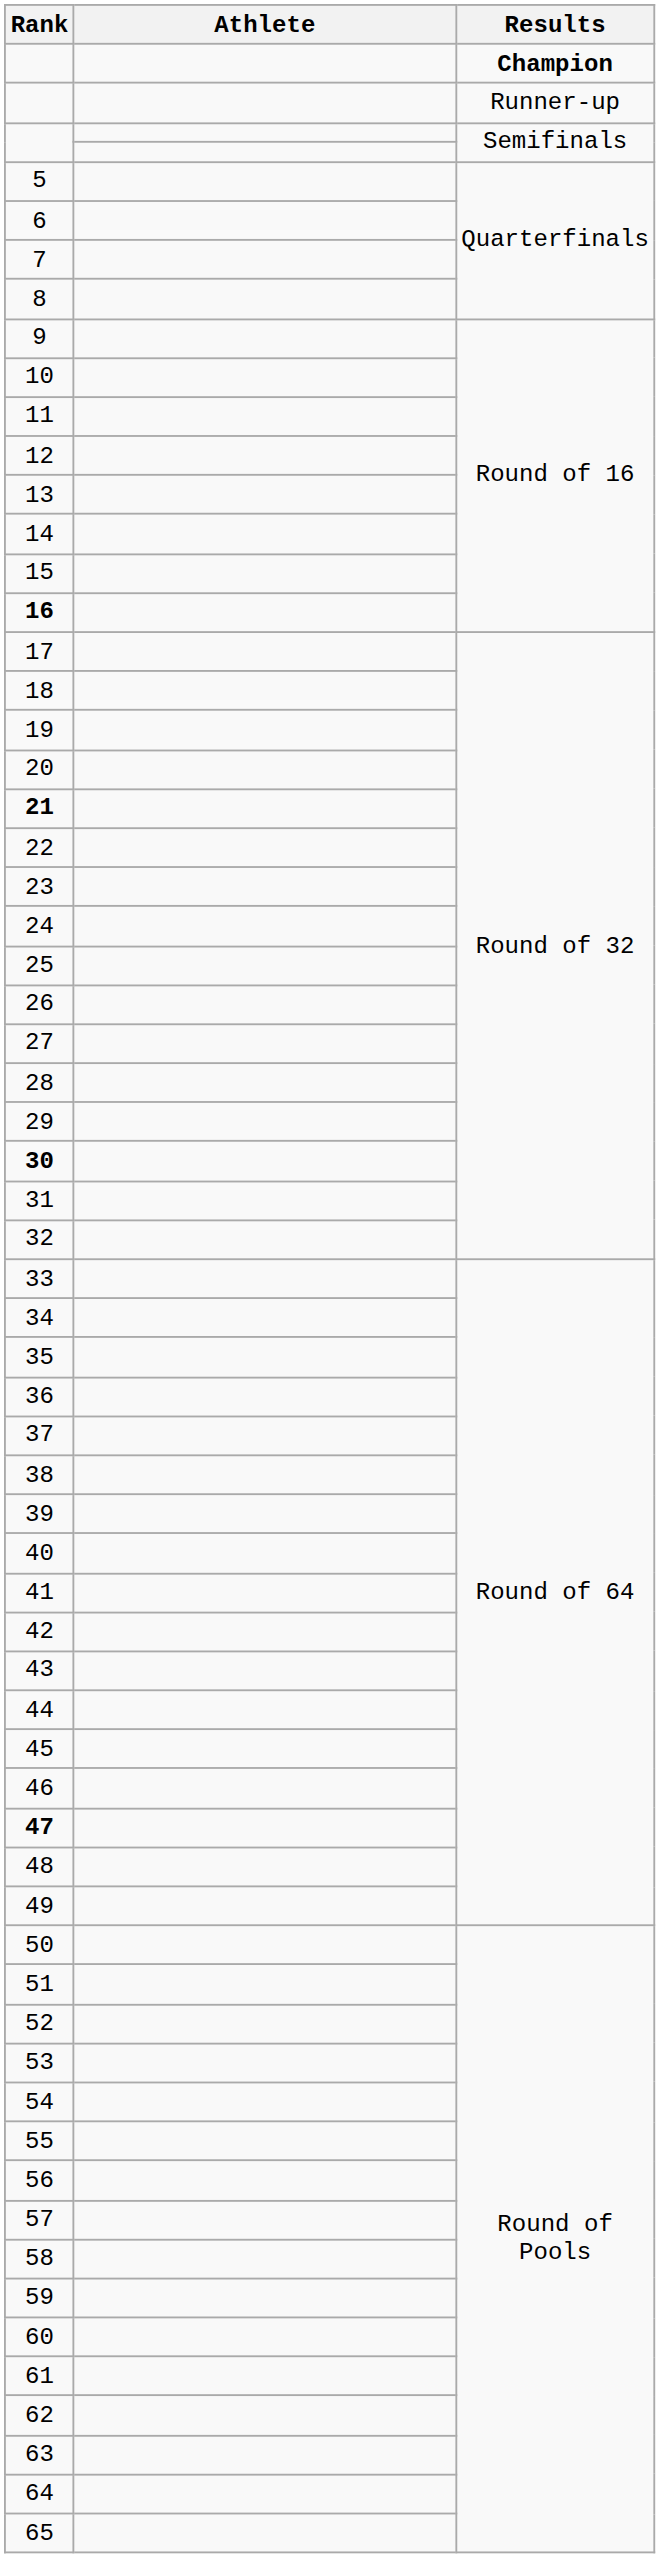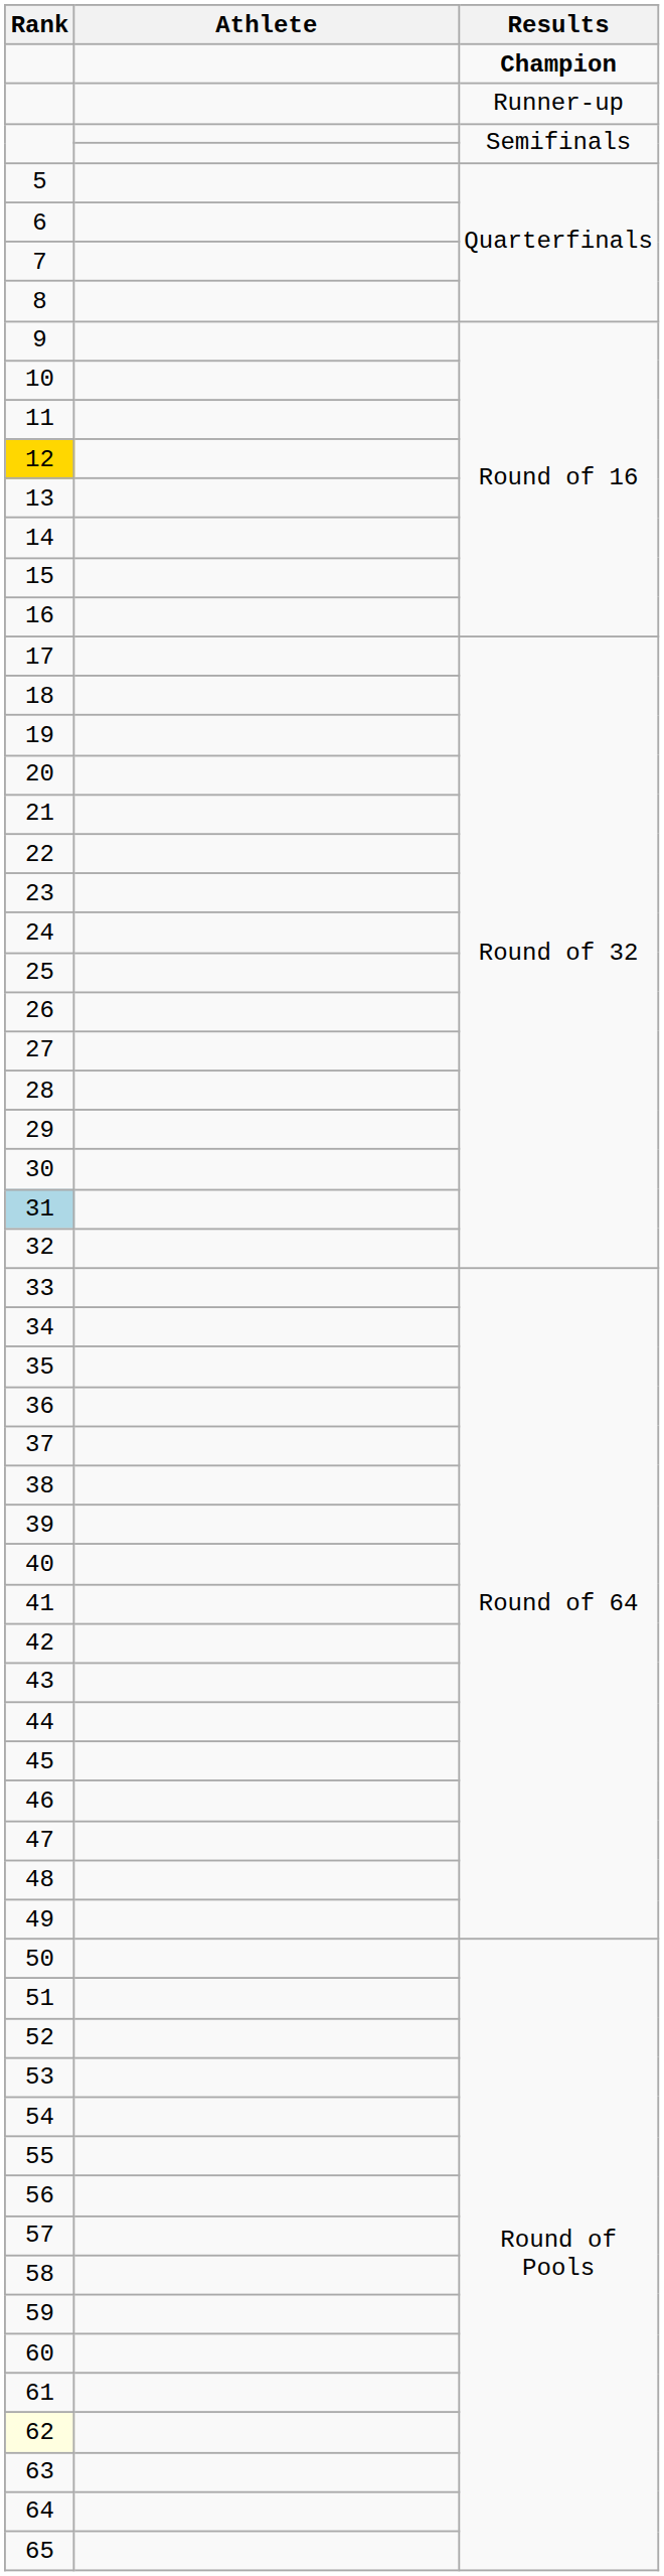 <table class="wikitable" style="text-align:center">
 <tr>
 <th width="25">Rank</th>
 <th width="200">Athlete</th>
 <th width="100">Results</th>
 </tr>
 <tr>
 <td></td>
 <td align="left"><strong></strong></td>
 <td><strong>Champion</strong></td>
 </tr>
 <tr>
 <td></td>
 <td align="left"></td>
 <td>Runner-up</td>
 </tr>
 <tr>
 <td rowspan="2"></td>
 <td align="left"></td>
 <td rowspan="2">Semifinals</td>
 </tr>
 <tr>
 <td align="left"></td>
 </tr>
 <tr>
 <td>5</td>
 <td align="left"></td>
 <td rowspan="4">Quarterfinals</td>
 </tr>
 <tr>
 <td>6</td>
 <td align="left"></td>
 </tr>
 <tr>
 <td>7</td>
 <td align="left"></td>
 </tr>
 <tr>
 <td>8</td>
 <td align="left"></td>
 </tr>
 <tr>
 <td>9</td>
 <td align="left"></td>
 <td rowspan="8">Round of 16</td>
 </tr>
 <tr>
 <td>10</td>
 <td align="left"></td>
 </tr>
 <tr>
 <td>11</td>
 <td align="left"></td>
 </tr>
 <tr>
-<td>12</td>
+<td style="background: gold;">12</td>
 <td align="left"></td>
 </tr>
 <tr>
 <td>13</td>
 <td align="left"></td>
 </tr>
 <tr>
 <td>14</td>
 <td align="left"></td>
 </tr>
 <tr>
 <td>15</td>
 <td align="left"></td>
 </tr>
 <tr>
-<td><strong>16</strong></td>
+<td>16</td>
 <td align="left"></td>
 </tr>
 <tr>
 <td>17</td>
 <td align="left"></td>
 <td rowspan="16">Round of 32</td>
 </tr>
 <tr>
 <td>18</td>
 <td align="left"></td>
 </tr>
 <tr>
 <td>19</td>
 <td align="left"></td>
 </tr>
 <tr>
 <td>20</td>
 <td align="left"></td>
 </tr>
 <tr>
-<td><strong>21</strong></td>
+<td>21</td>
 <td align="left"></td>
 </tr>
 <tr>
 <td>22</td>
 <td align="left"></td>
 </tr>
 <tr>
 <td>23</td>
 <td align="left"></td>
 </tr>
 <tr>
 <td>24</td>
 <td align="left"></td>
 </tr>
 <tr>
 <td>25</td>
 <td align="left"></td>
 </tr>
 <tr>
 <td>26</td>
 <td align="left"></td>
 </tr>
 <tr>
 <td>27</td>
 <td align="left"></td>
 </tr>
 <tr>
 <td>28</td>
 <td align="left"></td>
 </tr>
 <tr>
 <td>29</td>
 <td align="left"></td>
 </tr>
 <tr>
-<td><strong>30</strong></td>
+<td>30</td>
 <td align="left"></td>
 </tr>
 <tr>
-<td>31</td>
+<td style="background: lightblue;">31</td>
 <td align="left"></td>
 </tr>
 <tr>
 <td>32</td>
 <td align="left"></td>
 </tr>
 <tr>
 <td>33</td>
 <td align="left"></td>
 <td rowspan="17">Round of 64</td>
 </tr>
 <tr>
 <td>34</td>
 <td align="left"></td>
 </tr>
 <tr>
 <td>35</td>
 <td align="left"></td>
 </tr>
 <tr>
 <td>36</td>
 <td align="left"></td>
 </tr>
 <tr>
 <td>37</td>
 <td align="left"></td>
 </tr>
 <tr>
 <td>38</td>
 <td align="left"></td>
 </tr>
 <tr>
 <td>39</td>
 <td align="left"></td>
 </tr>
 <tr>
 <td>40</td>
 <td align="left"></td>
 </tr>
 <tr>
 <td>41</td>
 <td align="left"></td>
 </tr>
 <tr>
 <td>42</td>
 <td align="left"></td>
 </tr>
 <tr>
 <td>43</td>
 <td align="left"></td>
 </tr>
 <tr>
 <td>44</td>
 <td align="left"></td>
 </tr>
 <tr>
 <td>45</td>
 <td align="left"></td>
 </tr>
 <tr>
 <td>46</td>
 <td align="left"></td>
 </tr>
 <tr>
-<td><strong>47</strong></td>
+<td>47</td>
 <td align="left"></td>
 </tr>
 <tr>
 <td>48</td>
 <td align="left"></td>
 </tr>
 <tr>
 <td>49</td>
 <td align="left"></td>
 </tr>
 <tr>
 <td>50</td>
 <td align="left"></td>
 <td rowspan="16">Round of Pools</td>
 </tr>
 <tr>
 <td>51</td>
 <td align="left"></td>
 </tr>
 <tr>
 <td>52</td>
 <td align="left"></td>
 </tr>
 <tr>
 <td>53</td>
 <td align="left"></td>
 </tr>
 <tr>
 <td>54</td>
 <td align="left"></td>
 </tr>
 <tr>
 <td>55</td>
 <td align="left"></td>
 </tr>
 <tr>
 <td>56</td>
 <td align="left"></td>
 </tr>
 <tr>
 <td>57</td>
 <td align="left"></td>
 </tr>
 <tr>
 <td>58</td>
 <td align="left"></td>
 </tr>
 <tr>
 <td>59</td>
 <td align="left"></td>
 </tr>
 <tr>
 <td>60</td>
 <td align="left"></td>
 </tr>
 <tr>
 <td>61</td>
 <td align="left"></td>
 </tr>
 <tr>
-<td>62</td>
+<td style="background: lightyellow;">62</td>
 <td align="left"></td>
 </tr>
 <tr>
 <td>63</td>
 <td align="left"></td>
 </tr>
 <tr>
 <td>64</td>
 <td align="left"></td>
 </tr>
 <tr>
 <td>65</td>
 <td align="left"></td>
 </tr>
 </table>
